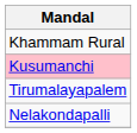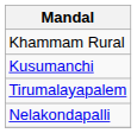 <table class="wikitable sortable static-row-numbers static-row-header-hash">
 <tr>
 <th>Mandal</th>
 </tr>
 <tr>
 <td>Khammam Rural</td>
 </tr>
 <tr>
-<td style="background: pink;"><a href='#'>Kusumanchi</a></td>
+<td><a href='#'>Kusumanchi</a></td>
 </tr>
 <tr>
 <td><a href='#'>Tirumalayapalem</a></td>
 </tr>
 <tr>
 <td><a href='#'>Nelakondapalli</a></td>
 </tr>
 <tr>
 </tr>
 </table>
